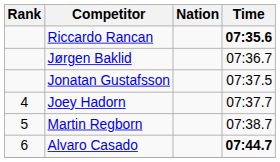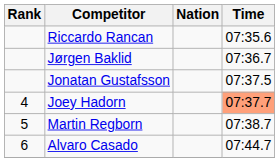 <table class="wikitable sortable" style="text-align:left">
 <tr>
 <th data-sort-type="number">Rank</th>
 <th class="unsortable">Competitor</th>
 <th>Nation</th>
 <th>Time</th>
 </tr>
 <tr>
 <td style="text-align:center"></td>
 <td><a href='#'>Riccardo Rancan</a></td>
 <td></td>
-<td style="text-align:right"><strong>07:35.6</strong></td>
+<td style="text-align:right">07:35.6</td>
 </tr>
 <tr>
 <td style="text-align:center"></td>
 <td><a href='#'>Jørgen Baklid</a></td>
 <td></td>
 <td style="text-align:right">07:36.7</td>
 </tr>
 <tr>
 <td style="text-align:center"></td>
 <td><a href='#'>Jonatan Gustafsson</a></td>
 <td></td>
 <td style="text-align:right">07:37.5</td>
 </tr>
 <tr>
 <td style="text-align:center">4</td>
 <td><a href='#'>Joey Hadorn</a></td>
 <td></td>
-<td style="text-align:right">07:37.7</td>
+<td style="background: lightsalmon; text-align:right">07:37.7</td>
 </tr>
 <tr>
 <td style="text-align:center">5</td>
 <td><a href='#'>Martin Regborn</a></td>
 <td></td>
 <td style="text-align:right">07:38.7</td>
 </tr>
 <tr>
 <td style="text-align:center">6</td>
 <td><a href='#'>Alvaro Casado</a></td>
 <td></td>
-<td style="text-align:right"><strong>07:44.7</strong></td>
+<td style="text-align:right">07:44.7</td>
 </tr>
 <tr>
 </tr>
 </table>
